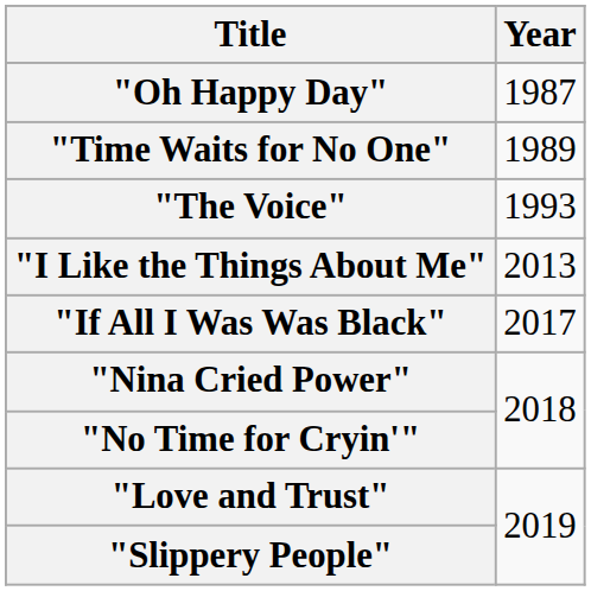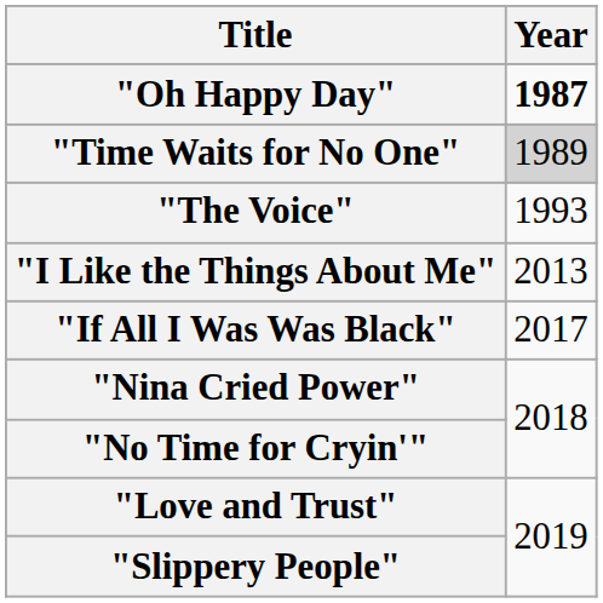 <table class="wikitable plainrowheaders" style="text-align:center;">
 <tr>
 <th>Title</th>
 <th>Year</th>
 </tr>
 <tr>
 <th scope = "row">"Oh Happy Day" </th>
-<td>1987</td>
+<td><strong>1987</strong></td>
 </tr>
 <tr>
 <th scope = "row">"Time Waits for No One"</th>
-<td>1989</td>
+<td style="background: lightgrey;">1989</td>
 </tr>
 <tr>
 <th scope = "row">"The Voice"</th>
 <td>1993</td>
 </tr>
 <tr>
 <th scope = "row">"I Like the Things About Me"</th>
 <td>2013</td>
 </tr>
 <tr>
 <th scope = "row">"If All I Was Was Black"</th>
 <td>2017</td>
 </tr>
 <tr>
 <th scope = "row">"Nina Cried Power" </th>
 <td rowspan = "2">2018</td>
 </tr>
 <tr>
 <th scope = "row">"No Time for Cryin'" </th>
 </tr>
 <tr>
 <th scope = "row">"Love and Trust" </th>
 <td rowspan = "2">2019</td>
 </tr>
 <tr>
 <th scope = "row">"Slippery People" </th>
 </tr>
 </table>
